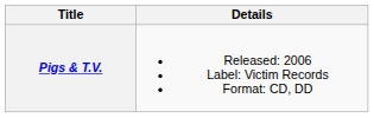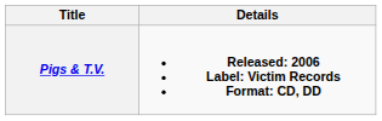 <table class="wikitable plainrowheaders" style="text-align:center;">
 <tr>
 <th scope="col" style="width:10em;">Title</th>
 <th scope="col" style="width:18em;">Details</th>
 </tr>
 <tr>
 <th scope="row"><em><a href='#'>Pigs & T.V.</a></em></th>
-<td><br><ul><li>Released: 2006</li><li>Label: Victim Records</li><li>Format: CD, DD</li></ul></td>
+<td><strong><br><ul><li>Released: 2006</li><li>Label: Victim Records</li><li>Format: CD, DD</li></ul></strong></td>
 </tr>
 </table>
